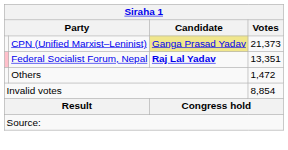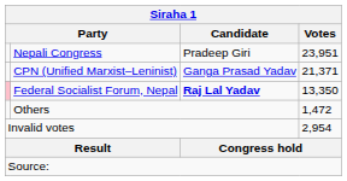 <table class="wikitable">
 <tr>
 <th colspan="4"><a href='#'>Siraha 1</a></th>
 </tr>
 <tr>
 <th colspan="2">Party</th>
 <th>Candidate</th>
 <th>Votes</th>
 </tr>
 <tr>
 <td style="background-color:"></td>
+<td><a href='#'>Nepali Congress</a></td>
+<td>Pradeep Giri</td>
+<td>23,951</td>
+</tr>
+<tr>
+<td style="background-color:"></td>
 <td><a href='#'>CPN (Unified Marxist–Leninist)</a></td>
-<td style="background: khaki;"><a href='#'>Ganga Prasad Yadav</a></td>
-<td>21,373</td>
+<td><a href='#'>Ganga Prasad Yadav</a></td>
+<td>21,371</td>
 </tr>
 <tr>
 <td style="background-color:pink"></td>
 <td><a href='#'>Federal Socialist Forum, Nepal</a></td>
 <td><strong><a href='#'>Raj Lal Yadav</a></strong></td>
-<td>13,351</td>
+<td>13,350</td>
 </tr>
 <tr>
 <td></td>
 <td colspan="2">Others</td>
 <td>1,472</td>
 </tr>
 <tr>
 <td colspan="3">Invalid votes</td>
-<td>8,854</td>
+<td>2,954</td>
 </tr>
 <tr>
 <th colspan="2">Result</th>
 <th colspan="2">Congress hold</th>
 </tr>
 <tr>
 <td colspan="4">Source:</td>
 </tr>
 </table>
